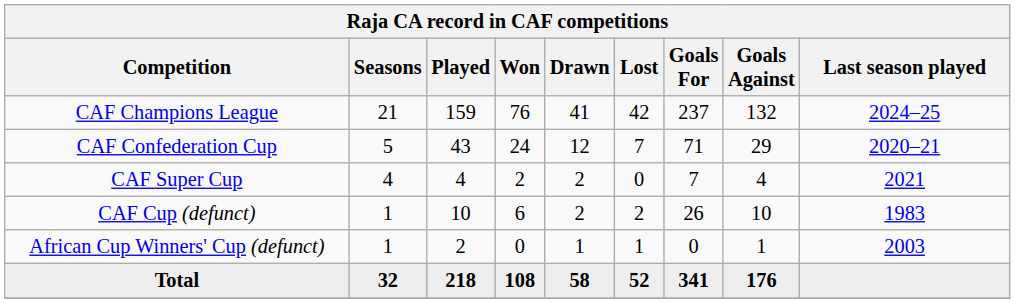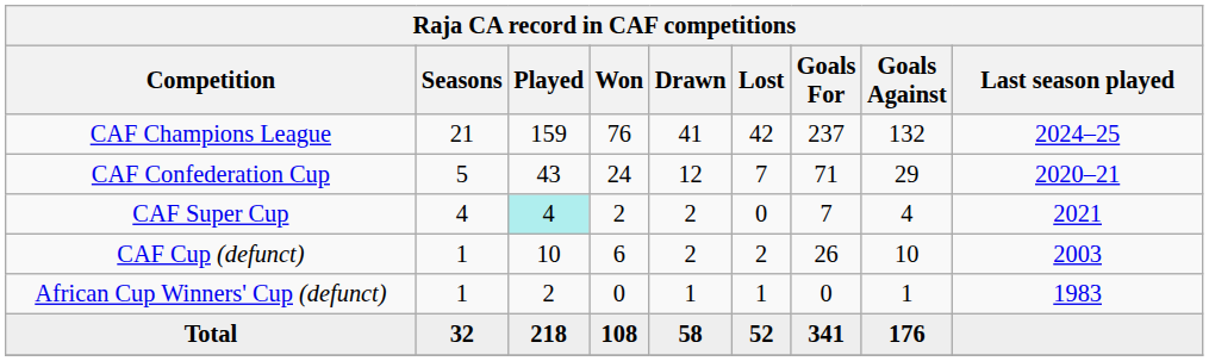 <table class="wikitable" style="font-size:95%; text-align: center;">
 <tr>
 <th colspan="9">Raja CA record in CAF competitions</th>
 </tr>
 <tr>
 <th width="250">Competition</th>
 <th width="30">Seasons</th>
 <th width="30">Played</th>
 <th width="30">Won</th>
 <th width="30">Drawn</th>
 <th width="30">Lost</th>
 <th width="30">Goals For</th>
 <th width="30">Goals Against</th>
 <th width="150">Last season played</th>
 </tr>
 <tr>
 <td><a href='#'>CAF Champions League</a></td>
 <td>21</td>
 <td>159</td>
 <td>76</td>
 <td>41</td>
 <td>42</td>
 <td>237</td>
 <td>132</td>
 <td><a href='#'>2024–25</a></td>
 </tr>
 <tr>
 <td><a href='#'>CAF Confederation Cup</a></td>
 <td>5</td>
 <td>43</td>
 <td>24</td>
 <td>12</td>
 <td>7</td>
 <td>71</td>
 <td>29</td>
 <td><a href='#'>2020–21</a></td>
 </tr>
 <tr>
 <td><a href='#'>CAF Super Cup</a></td>
 <td>4</td>
-<td>4</td>
+<td style="background: paleturquoise;">4</td>
 <td>2</td>
 <td>2</td>
 <td>0</td>
 <td>7</td>
 <td>4</td>
 <td><a href='#'>2021</a></td>
 </tr>
 <tr>
 <td><a href='#'>CAF Cup</a> <em>(defunct)</em></td>
 <td>1</td>
 <td>10</td>
 <td>6</td>
 <td>2</td>
 <td>2</td>
 <td>26</td>
 <td>10</td>
-<td><a href='#'>1983</a></td>
+<td><a href='#'>2003</a></td>
 </tr>
 <tr>
 <td><a href='#'>African Cup Winners' Cup</a> <em>(defunct)</em></td>
 <td>1</td>
 <td>2</td>
 <td>0</td>
 <td>1</td>
 <td>1</td>
 <td>0</td>
 <td>1</td>
-<td><a href='#'>2003</a></td>
+<td><a href='#'>1983</a></td>
 </tr>
 <tr bgcolor="#EEEEEE">
 <td><strong>Total</strong></td>
 <td><strong>32</strong></td>
 <td><strong>218</strong></td>
 <td><strong>108</strong></td>
 <td><strong>58</strong></td>
 <td><strong>52</strong></td>
 <td><strong>341</strong></td>
 <td><strong>176</strong></td>
 <td></td>
 </tr>
 <tr>
 </tr>
 </table>
